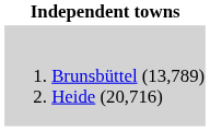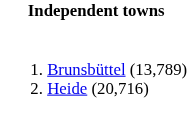 <table>
 <tr ---->
 <th>Independent towns</th>
 </tr>
 <tr>
-<td valign=top style="background: lightgrey;"><br><ol><li><a href='#'>Brunsbüttel</a> (13,789)</li><li><a href='#'>Heide</a> (20,716)</li></ol></td>
+<td valign=top><br><ol><li><a href='#'>Brunsbüttel</a> (13,789)</li><li><a href='#'>Heide</a> (20,716)</li></ol></td>
 </tr>
 </table>
